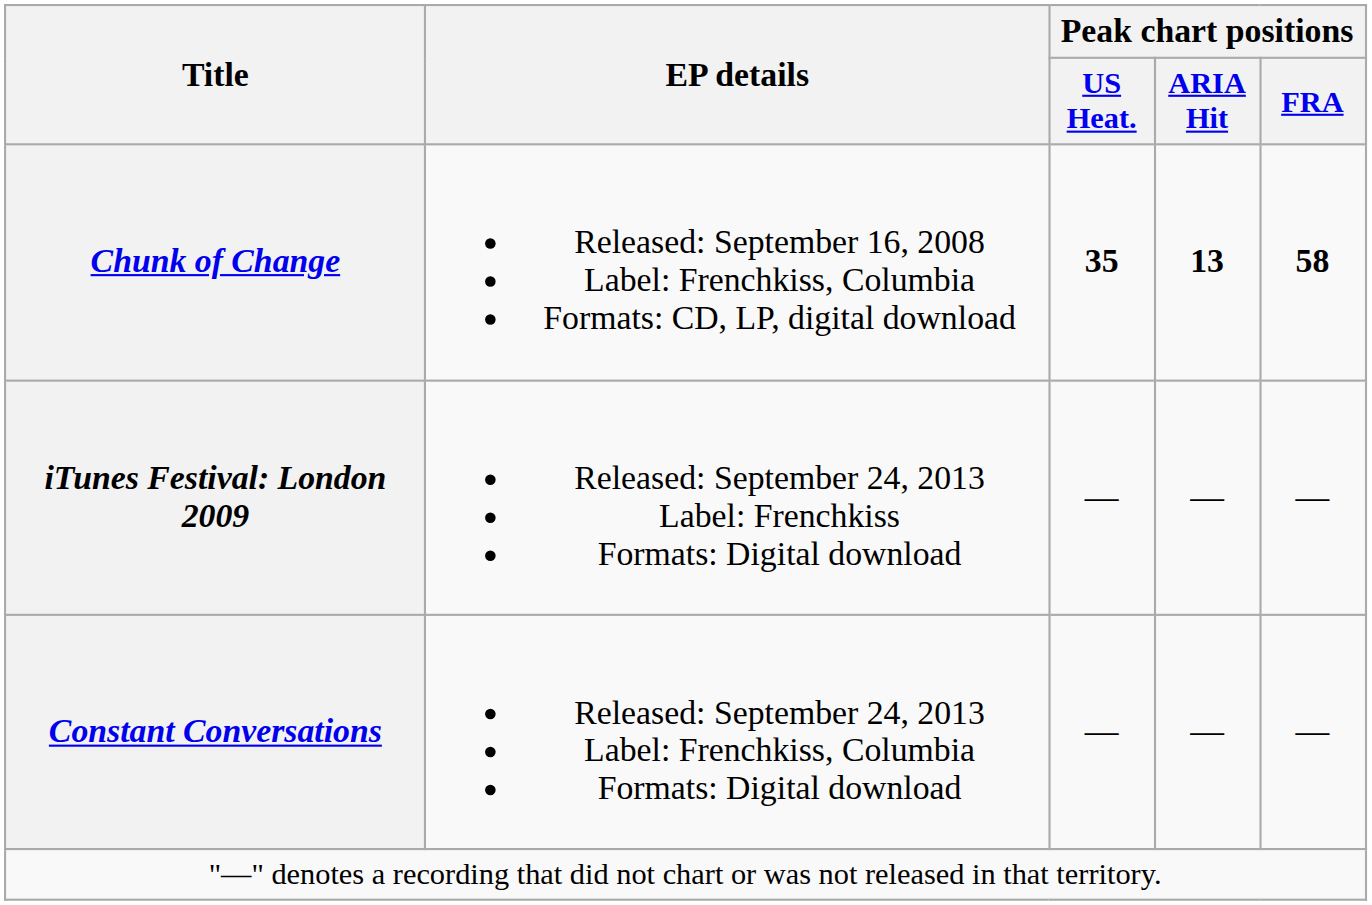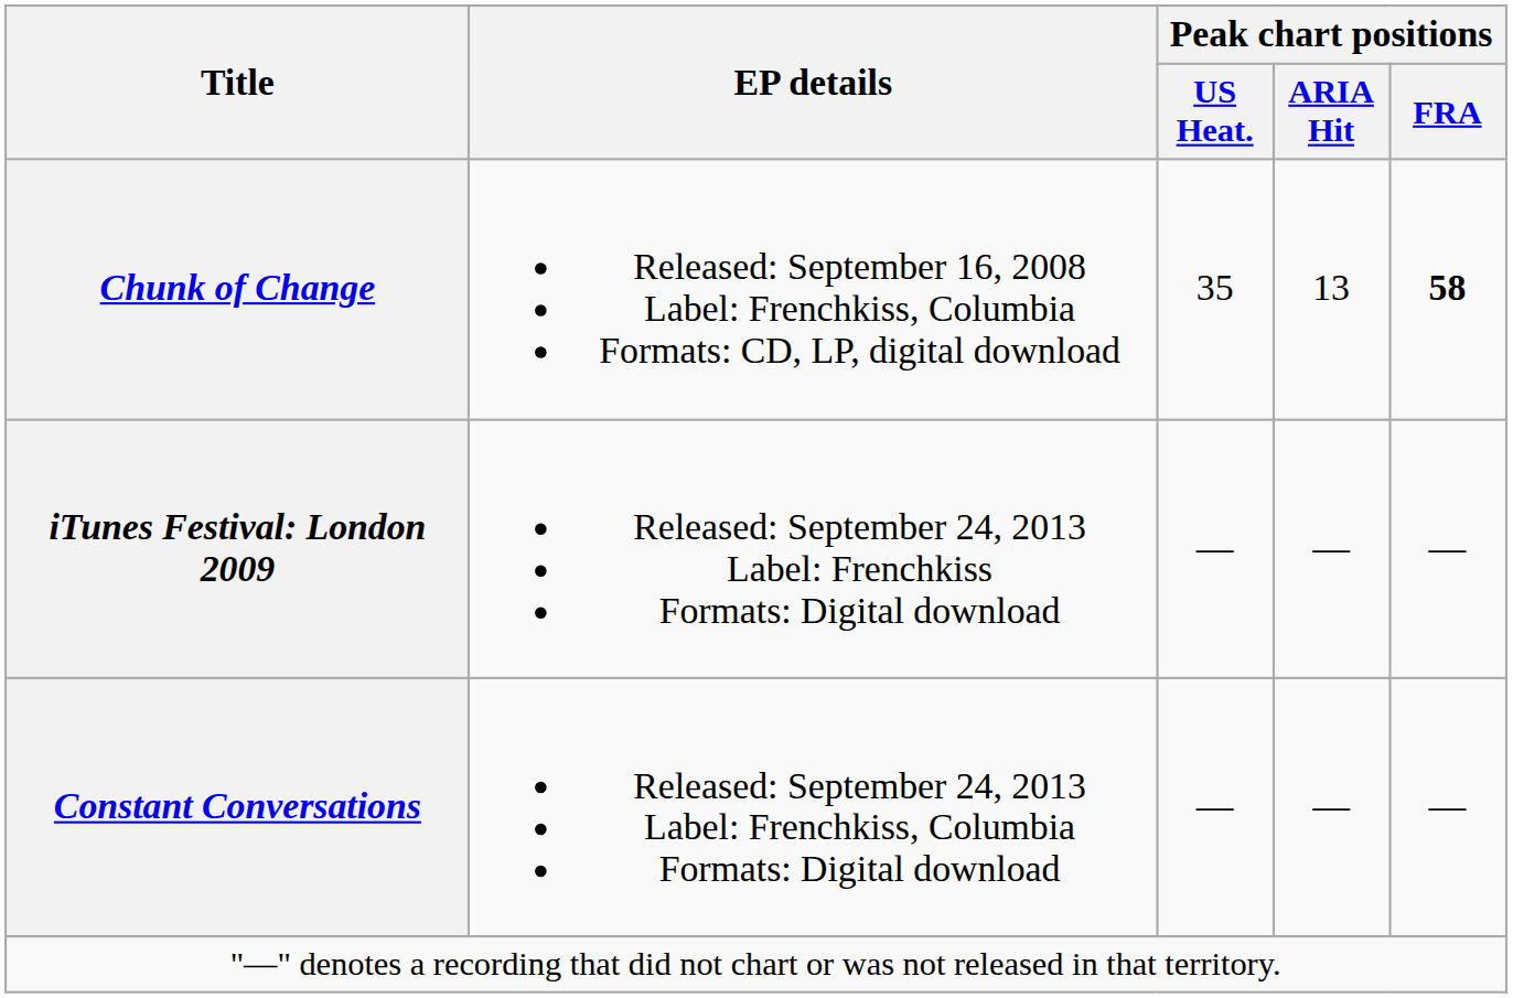 <table class="wikitable plainrowheaders" style="text-align:center;">
 <tr>
 <th scope="col" rowspan="2" style="width:12em;">Title</th>
 <th scope="col" rowspan="2" style="width:18em;">EP details</th>
 <th scope="col" colspan="3">Peak chart positions</th>
 </tr>
 <tr>
 <th scope="col" style="width:3em;font-size:90%;"><a href='#'>US<br>Heat.</a><br></th>
 <th scope="col" style="width:3em;font-size:90%;"><a href='#'>ARIA<br>Hit</a><br></th>
 <th scope="col" style="width:3em;font-size:90%;"><a href='#'>FRA</a><br></th>
 </tr>
 <tr>
 <th scope="row"><em><a href='#'>Chunk of Change</a></em></th>
 <td><br><ul><li>Released: September 16, 2008</li><li>Label: Frenchkiss, Columbia</li><li>Formats: CD, LP, digital download</li></ul></td>
-<td><strong>35</strong></td>
-<td><strong>13</strong></td>
+<td>35</td>
+<td>13</td>
 <td><strong>58</strong></td>
 </tr>
 <tr>
 <th scope="row"><em>iTunes Festival: London 2009</em></th>
 <td><br><ul><li>Released: September 24, 2013</li><li>Label: Frenchkiss</li><li>Formats: Digital download</li></ul></td>
 <td>—</td>
 <td>—</td>
 <td>—</td>
 </tr>
 <tr>
 <th scope="row"><em><a href='#'>Constant Conversations</a></em></th>
 <td><br><ul><li>Released: September 24, 2013</li><li>Label: Frenchkiss, Columbia</li><li>Formats: Digital download</li></ul></td>
 <td>—</td>
 <td>—</td>
 <td>—</td>
 </tr>
 <tr>
 <td colspan="15" style="font-size:90%">"—" denotes a recording that did not chart or was not released in that territory.</td>
 </tr>
 </table>
